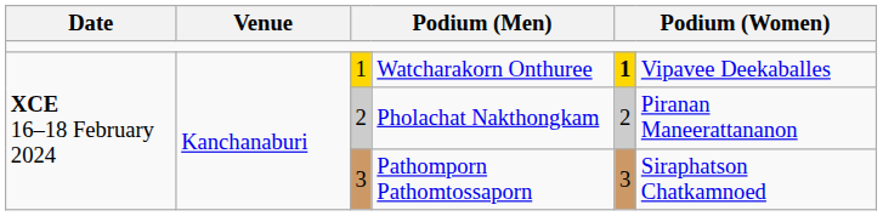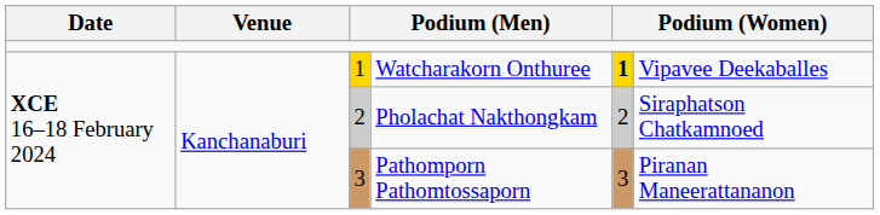 <table class="wikitable" width=70%>
 <tr>
 <th>Date</th>
 <th width=20%>Venue</th>
 <th colspan=2 width=30%>Podium (Men)</th>
 <th colspan=2 width=30%>Podium (Women)</th>
 </tr>
 <tr>
 <td colspan=6></td>
 </tr>
 <tr>
 <td rowspan=3><strong>XCE</strong> <br> 16–18 February 2024</td>
 <td rowspan=3><br><a href='#'>Kanchanaburi</a></td>
 <td bgcolor=FFD700>1</td>
 <td><a href='#'>Watcharakorn Onthuree</a></td>
 <td bgcolor=FFD700><strong>1</strong></td>
 <td><a href='#'>Vipavee Deekaballes</a></td>
 </tr>
 <tr>
 <td bgcolor=CCCCCC>2</td>
 <td><a href='#'>Pholachat Nakthongkam</a></td>
 <td bgcolor=CCCCCC>2</td>
-<td><a href='#'>Piranan Maneerattananon</a></td>
+<td><a href='#'>Siraphatson Chatkamnoed</a></td>
 </tr>
 <tr>
 <td bgcolor=CC9966>3</td>
 <td><a href='#'>Pathomporn Pathomtossaporn</a></td>
 <td bgcolor=CC9966>3</td>
-<td><a href='#'>Siraphatson Chatkamnoed</a></td>
+<td><a href='#'>Piranan Maneerattananon</a></td>
 </tr>
 </table>
